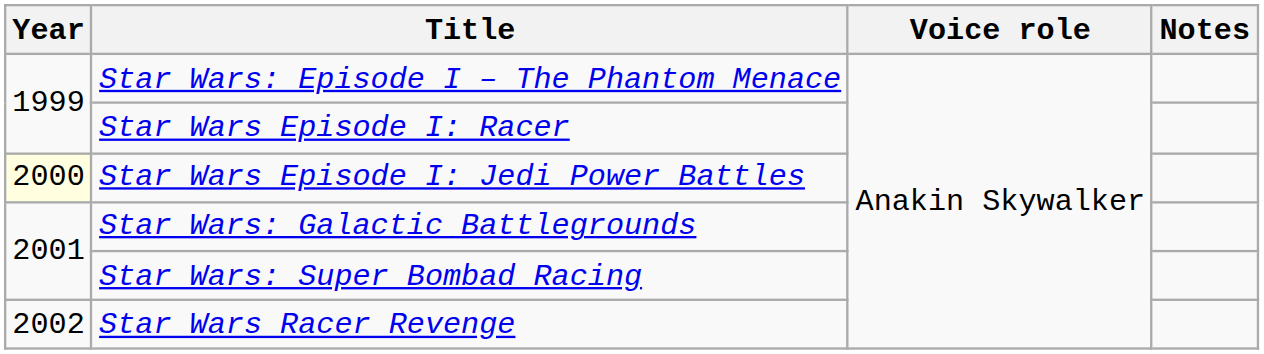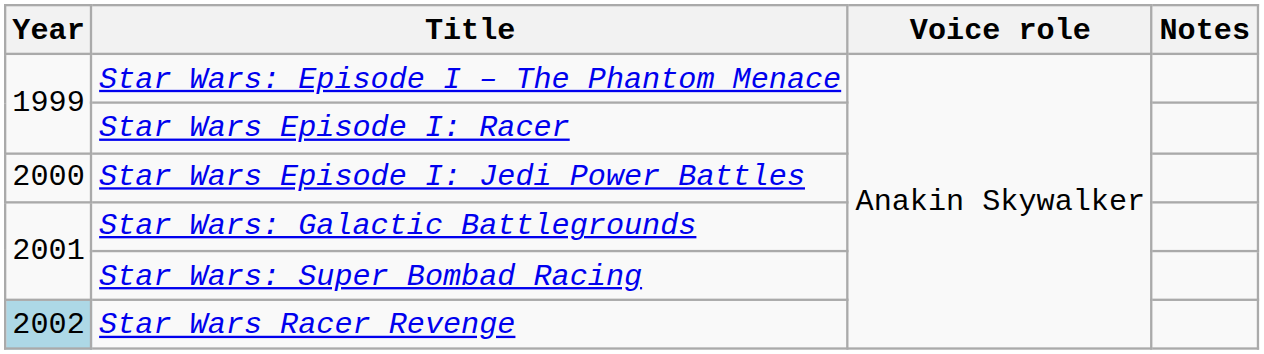 <table class="wikitable">
 <tr>
 <th>Year</th>
 <th>Title</th>
 <th>Voice role</th>
 <th class="unsortable">Notes</th>
 </tr>
 <tr>
 <td rowspan=2>1999</td>
 <td><em><a href='#'>Star Wars: Episode I – The Phantom Menace</a></em></td>
 <td rowspan=6>Anakin Skywalker</td>
 <td></td>
 </tr>
 <tr>
 <td><em><a href='#'>Star Wars Episode I: Racer</a></em></td>
 <td></td>
 </tr>
 <tr>
-<td style="background: lightyellow;">2000</td>
+<td>2000</td>
 <td><em><a href='#'>Star Wars Episode I: Jedi Power Battles</a></em></td>
 <td></td>
 </tr>
 <tr>
 <td rowspan=2>2001</td>
 <td><em><a href='#'>Star Wars: Galactic Battlegrounds</a></em></td>
 <td></td>
 </tr>
 <tr>
 <td><em><a href='#'>Star Wars: Super Bombad Racing</a></em></td>
 <td></td>
 </tr>
 <tr>
-<td>2002</td>
+<td style="background: lightblue;">2002</td>
 <td><em><a href='#'>Star Wars Racer Revenge</a></em></td>
 <td></td>
 </tr>
 </table>
